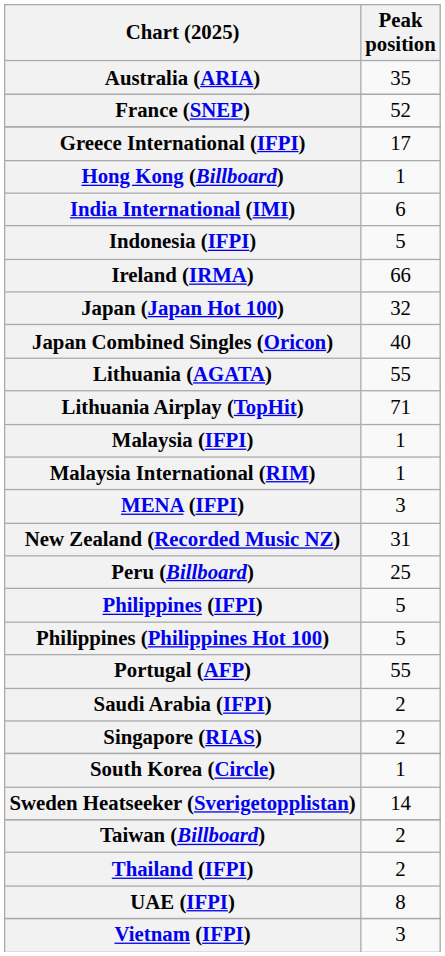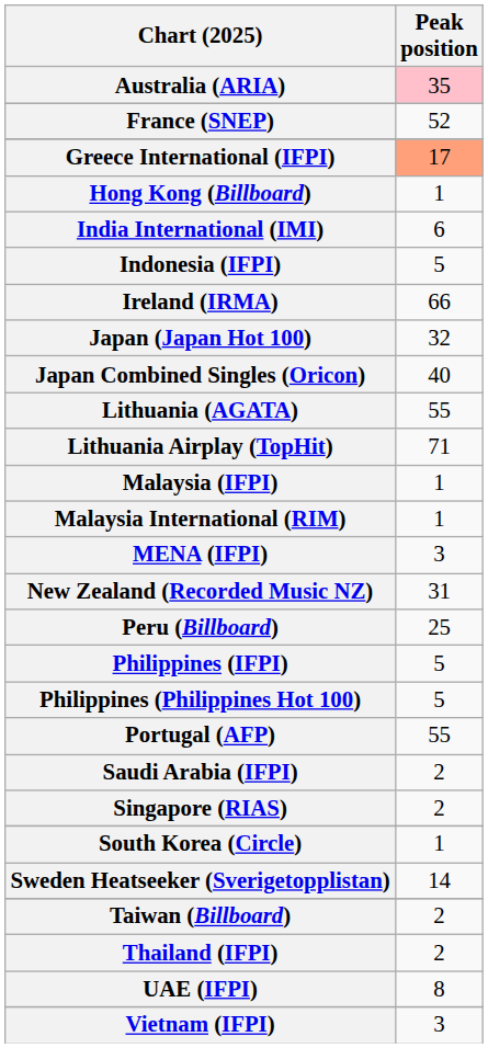 <table class="wikitable sortable plainrowheaders" style="text-align:center">
 <tr>
 <th scope="col">Chart (2025)</th>
 <th scope="col">Peak<br>position</th>
 </tr>
 <tr>
 <th scope="row">Australia (<a href='#'>ARIA</a>)</th>
-<td>35</td>
+<td style="background: pink;">35</td>
 </tr>
 <tr>
 </tr>
 <tr>
 </tr>
 <tr>
 </tr>
 <tr>
 <th scope="row">France (<a href='#'>SNEP</a>)</th>
 <td>52</td>
 </tr>
 <tr>
 </tr>
 <tr>
 </tr>
 <tr>
 <th scope="row">Greece International (<a href='#'>IFPI</a>)</th>
-<td>17</td>
+<td style="background: lightsalmon;">17</td>
 </tr>
 <tr>
 <th scope="row"><a href='#'>Hong Kong</a> (<em><a href='#'>Billboard</a></em>)</th>
 <td>1</td>
 </tr>
 <tr>
 <th scope="row"><a href='#'>India International</a> (<a href='#'>IMI</a>)</th>
 <td>6</td>
 </tr>
 <tr>
 <th scope="row">Indonesia (<a href='#'>IFPI</a>)</th>
 <td>5</td>
 </tr>
 <tr>
 <th scope="row">Ireland (<a href='#'>IRMA</a>)</th>
 <td>66</td>
 </tr>
 <tr>
 <th scope="row">Japan (<a href='#'>Japan Hot 100</a>)</th>
 <td>32</td>
 </tr>
 <tr>
 <th scope="row">Japan Combined Singles (<a href='#'>Oricon</a>)</th>
 <td>40</td>
 </tr>
 <tr>
 <th scope="row">Lithuania (<a href='#'>AGATA</a>)</th>
 <td>55</td>
 </tr>
 <tr>
 <th scope="row">Lithuania Airplay (<a href='#'>TopHit</a>)</th>
 <td>71</td>
 </tr>
 <tr>
 <th scope="row">Malaysia (<a href='#'>IFPI</a>)</th>
 <td>1</td>
 </tr>
 <tr>
 <th scope="row">Malaysia International (<a href='#'>RIM</a>)</th>
 <td>1</td>
 </tr>
 <tr>
 <th scope="row"><a href='#'>MENA</a> (<a href='#'>IFPI</a>)</th>
 <td>3</td>
 </tr>
 <tr>
 <th scope="row">New Zealand (<a href='#'>Recorded Music NZ</a>)</th>
 <td>31</td>
 </tr>
 <tr>
 <th scope="row">Peru (<em><a href='#'>Billboard</a></em>)</th>
 <td>25</td>
 </tr>
 <tr>
 <th scope="row"><a href='#'>Philippines</a> (<a href='#'>IFPI</a>)</th>
 <td>5</td>
 </tr>
 <tr>
 <th scope="row">Philippines (<a href='#'>Philippines Hot 100</a>)</th>
 <td>5</td>
 </tr>
 <tr>
 <th scope="row">Portugal (<a href='#'>AFP</a>)</th>
 <td>55</td>
 </tr>
 <tr>
 <th scope="row">Saudi Arabia (<a href='#'>IFPI</a>)</th>
 <td>2</td>
 </tr>
 <tr>
 <th scope="row">Singapore (<a href='#'>RIAS</a>)</th>
 <td>2</td>
 </tr>
 <tr>
 </tr>
 <tr>
 <th scope="row">South Korea (<a href='#'>Circle</a>)</th>
 <td>1</td>
 </tr>
 <tr>
 <th scope="row">Sweden Heatseeker (<a href='#'>Sverigetopplistan</a>)</th>
 <td>14</td>
 </tr>
 <tr>
 </tr>
 <tr>
 <th scope="row">Taiwan (<em><a href='#'>Billboard</a></em>)</th>
 <td>2</td>
 </tr>
 <tr>
 <th scope="row"><a href='#'>Thailand</a> (<a href='#'>IFPI</a>)</th>
 <td>2</td>
 </tr>
 <tr>
 <th scope="row">UAE (<a href='#'>IFPI</a>)</th>
 <td>8</td>
 </tr>
 <tr>
 </tr>
 <tr>
 </tr>
 <tr>
 </tr>
 <tr>
 <th scope="row"><a href='#'>Vietnam</a> (<a href='#'>IFPI</a>)</th>
 <td>3</td>
 </tr>
 </table>
